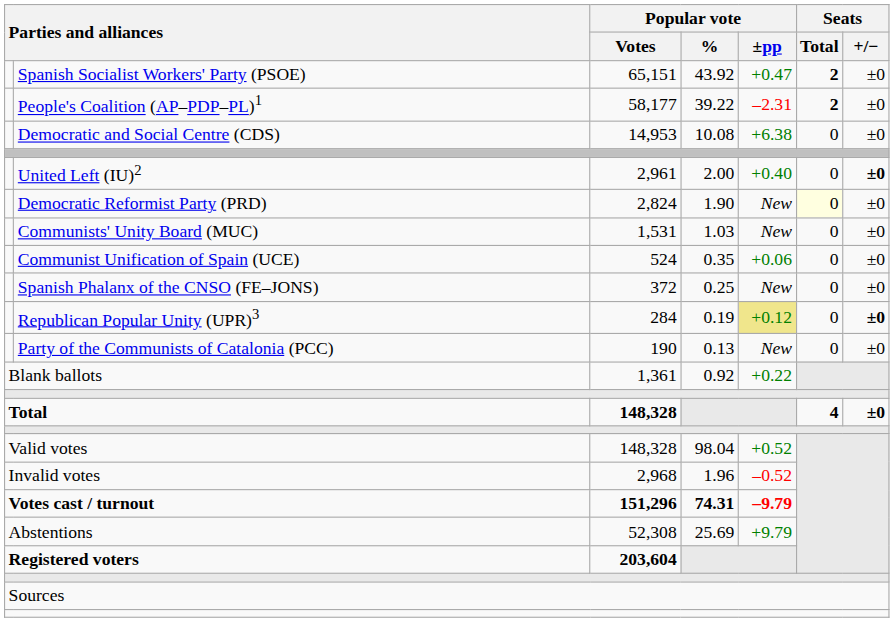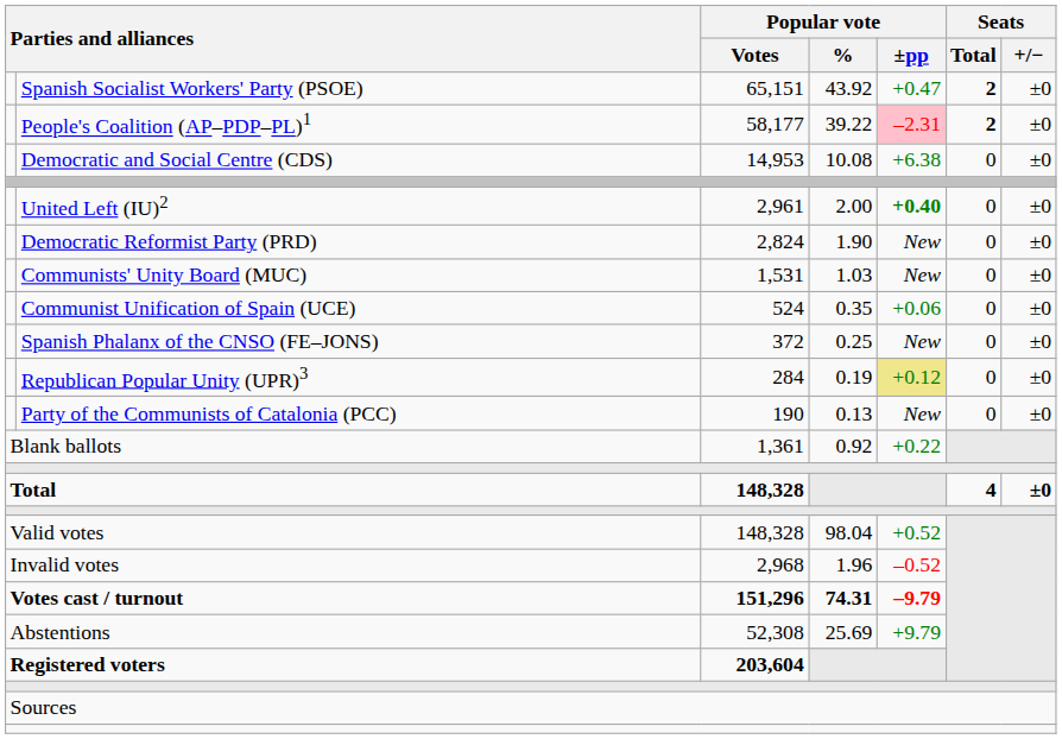 <table class="wikitable" style="text-align:right;">
 <tr>
 <th style="text-align:left;" rowspan="2" colspan="2" width="525">Parties and alliances</th>
 <th colspan="3">Popular vote</th>
 <th colspan="2">Seats</th>
 </tr>
 <tr>
 <th width="75">Votes</th>
 <th width="45">%</th>
 <th width="45">±<a href='#'>pp</a></th>
 <th width="35">Total</th>
 <th width="35">+/−</th>
 </tr>
 <tr>
 <td width="1" style="color:inherit;background:"></td>
 <td align="left"><a href='#'>Spanish Socialist Workers' Party</a> (PSOE)</td>
 <td>65,151</td>
 <td>43.92</td>
 <td style="color:green;">+0.47</td>
 <td><strong>2</strong></td>
 <td>±0</td>
 </tr>
 <tr>
 <td style="color:inherit;background:"></td>
 <td align="left"><a href='#'>People's Coalition</a> (<a href='#'>AP</a>–<a href='#'>PDP</a>–<a href='#'>PL</a>)<sup>1</sup></td>
 <td>58,177</td>
 <td>39.22</td>
-<td style="color:red;">–2.31</td>
+<td style="background: pink; color:red;">–2.31</td>
 <td><strong>2</strong></td>
 <td>±0</td>
 </tr>
 <tr>
 <td style="color:inherit;background:"></td>
 <td align="left"><a href='#'>Democratic and Social Centre</a> (CDS)</td>
 <td>14,953</td>
 <td>10.08</td>
 <td style="color:green;">+6.38</td>
 <td>0</td>
 <td>±0</td>
 </tr>
 <tr>
 <td colspan="7" bgcolor="#C0C0C0"></td>
 </tr>
 <tr>
 <td style="color:inherit;background:"></td>
 <td align="left"><a href='#'>United Left</a> (IU)<sup>2</sup></td>
 <td>2,961</td>
 <td>2.00</td>
-<td style="color:green;">+0.40</td>
+<td style="color:green;"><strong>+0.40</strong></td>
 <td>0</td>
-<td><strong>±0</strong></td>
+<td>±0</td>
 </tr>
 <tr>
 <td style="color:inherit;background:"></td>
 <td align="left"><a href='#'>Democratic Reformist Party</a> (PRD)</td>
 <td>2,824</td>
 <td>1.90</td>
 <td><em>New</em></td>
-<td style="background: lightyellow;">0</td>
+<td>0</td>
 <td>±0</td>
 </tr>
 <tr>
 <td style="color:inherit;background:"></td>
 <td align="left"><a href='#'>Communists' Unity Board</a> (MUC)</td>
 <td>1,531</td>
 <td>1.03</td>
 <td><em>New</em></td>
 <td>0</td>
 <td>±0</td>
 </tr>
 <tr>
 <td style="color:inherit;background:"></td>
 <td align="left"><a href='#'>Communist Unification of Spain</a> (UCE)</td>
 <td>524</td>
 <td>0.35</td>
 <td style="color:green;">+0.06</td>
 <td>0</td>
 <td>±0</td>
 </tr>
 <tr>
 <td style="color:inherit;background:"></td>
 <td align="left"><a href='#'>Spanish Phalanx of the CNSO</a> (FE–JONS)</td>
 <td>372</td>
 <td>0.25</td>
 <td><em>New</em></td>
 <td>0</td>
 <td>±0</td>
 </tr>
 <tr>
 <td style="color:inherit;background:"></td>
 <td align="left"><a href='#'>Republican Popular Unity</a> (UPR)<sup>3</sup></td>
 <td>284</td>
 <td>0.19</td>
 <td style="background: khaki; color:green;">+0.12</td>
 <td>0</td>
-<td><strong>±0</strong></td>
+<td>±0</td>
 </tr>
 <tr>
 <td style="color:inherit;background:"></td>
 <td align="left"><a href='#'>Party of the Communists of Catalonia</a> (PCC)</td>
 <td>190</td>
 <td>0.13</td>
 <td><em>New</em></td>
 <td>0</td>
 <td>±0</td>
 </tr>
 <tr>
 <td align="left" colspan="2">Blank ballots</td>
 <td>1,361</td>
 <td>0.92</td>
 <td style="color:green;">+0.22</td>
 <td bgcolor="#E9E9E9" colspan="2"></td>
 </tr>
 <tr>
 <td colspan="7" bgcolor="#E9E9E9"></td>
 </tr>
 <tr style="font-weight:bold;">
 <td align="left" colspan="2">Total</td>
 <td>148,328</td>
 <td bgcolor="#E9E9E9" colspan="2"></td>
 <td>4</td>
 <td>±0</td>
 </tr>
 <tr>
 <td colspan="7" bgcolor="#E9E9E9"></td>
 </tr>
 <tr>
 <td align="left" colspan="2">Valid votes</td>
 <td>148,328</td>
 <td>98.04</td>
 <td style="color:green;">+0.52</td>
 <td bgcolor="#E9E9E9" colspan="2" rowspan="5"></td>
 </tr>
 <tr>
 <td align="left" colspan="2">Invalid votes</td>
 <td>2,968</td>
 <td>1.96</td>
 <td style="color:red;">–0.52</td>
 </tr>
 <tr style="font-weight:bold;">
 <td align="left" colspan="2">Votes cast / turnout</td>
 <td>151,296</td>
 <td>74.31</td>
 <td style="color:red;">–9.79</td>
 </tr>
 <tr>
 <td align="left" colspan="2">Abstentions</td>
 <td>52,308</td>
 <td>25.69</td>
 <td style="color:green;">+9.79</td>
 </tr>
 <tr style="font-weight:bold;">
 <td align="left" colspan="2">Registered voters</td>
 <td>203,604</td>
 <td bgcolor="#E9E9E9" colspan="2"></td>
 </tr>
 <tr>
 <td colspan="7" bgcolor="#E9E9E9"></td>
 </tr>
 <tr>
 <td align="left" colspan="7">Sources</td>
 </tr>
 <tr>
 <td colspan="7" style="text-align:left; max-width:790px;"></td>
 </tr>
 </table>
